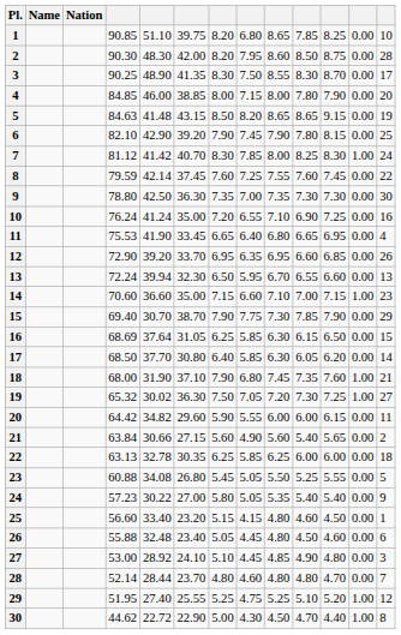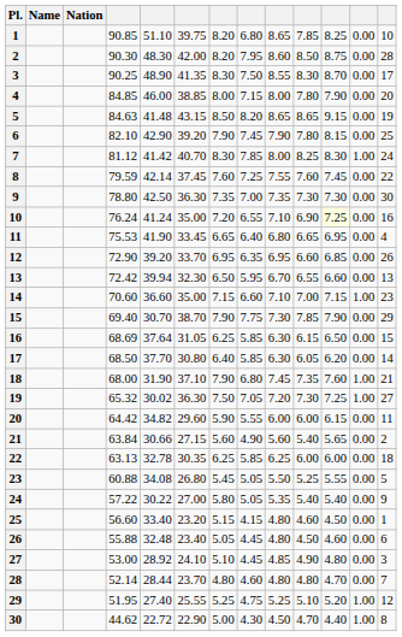 <table class="wikitable sortable">
 <tr>
 <th>Pl.</th>
 <th>Name</th>
 <th>Nation</th>
 <th></th>
 <th></th>
 <th></th>
 <th></th>
 <th></th>
 <th></th>
 <th></th>
 <th></th>
 <th></th>
 <th></th>
 </tr>
 <tr>
 <th>1</th>
 <td></td>
 <td></td>
 <td>90.85</td>
 <td>51.10</td>
 <td>39.75</td>
 <td>8.20</td>
 <td>6.80</td>
 <td>8.65</td>
 <td>7.85</td>
 <td>8.25</td>
 <td>0.00</td>
 <td>10</td>
 </tr>
 <tr>
 <th>2</th>
 <td></td>
 <td></td>
 <td>90.30</td>
 <td>48.30</td>
 <td>42.00</td>
 <td>8.20</td>
 <td>7.95</td>
 <td>8.60</td>
 <td>8.50</td>
 <td>8.75</td>
 <td>0.00</td>
 <td>28</td>
 </tr>
 <tr>
 <th>3</th>
 <td></td>
 <td></td>
 <td>90.25</td>
 <td>48.90</td>
 <td>41.35</td>
 <td>8.30</td>
 <td>7.50</td>
 <td>8.55</td>
 <td>8.30</td>
 <td>8.70</td>
 <td>0.00</td>
 <td>17</td>
 </tr>
 <tr>
 <th>4</th>
 <td></td>
 <td></td>
 <td>84.85</td>
 <td>46.00</td>
 <td>38.85</td>
 <td>8.00</td>
 <td>7.15</td>
 <td>8.00</td>
 <td>7.80</td>
 <td>7.90</td>
 <td>0.00</td>
 <td>20</td>
 </tr>
 <tr>
 <th>5</th>
 <td></td>
 <td></td>
 <td>84.63</td>
 <td>41.48</td>
 <td>43.15</td>
 <td>8.50</td>
 <td>8.20</td>
 <td>8.65</td>
 <td>8.65</td>
 <td>9.15</td>
 <td>0.00</td>
 <td>19</td>
 </tr>
 <tr>
 <th>6</th>
 <td></td>
 <td></td>
 <td>82.10</td>
 <td>42.90</td>
 <td>39.20</td>
 <td>7.90</td>
 <td>7.45</td>
 <td>7.90</td>
 <td>7.80</td>
 <td>8.15</td>
 <td>0.00</td>
 <td>25</td>
 </tr>
 <tr>
 <th>7</th>
 <td></td>
 <td></td>
 <td>81.12</td>
 <td>41.42</td>
 <td>40.70</td>
 <td>8.30</td>
 <td>7.85</td>
 <td>8.00</td>
 <td>8.25</td>
 <td>8.30</td>
 <td>1.00</td>
 <td>24</td>
 </tr>
 <tr>
 <th>8</th>
 <td></td>
 <td></td>
 <td>79.59</td>
 <td>42.14</td>
 <td>37.45</td>
 <td>7.60</td>
 <td>7.25</td>
 <td>7.55</td>
 <td>7.60</td>
 <td>7.45</td>
 <td>0.00</td>
 <td>22</td>
 </tr>
 <tr>
 <th>9</th>
 <td></td>
 <td></td>
 <td>78.80</td>
 <td>42.50</td>
 <td>36.30</td>
 <td>7.35</td>
 <td>7.00</td>
 <td>7.35</td>
 <td>7.30</td>
 <td>7.30</td>
 <td>0.00</td>
 <td>30</td>
 </tr>
 <tr>
 <th>10</th>
 <td></td>
 <td></td>
 <td>76.24</td>
 <td>41.24</td>
 <td>35.00</td>
 <td>7.20</td>
 <td>6.55</td>
 <td>7.10</td>
 <td>6.90</td>
-<td>7.25</td>
+<td style="background: lightyellow;">7.25</td>
 <td>0.00</td>
 <td>16</td>
 </tr>
 <tr>
 <th>11</th>
 <td></td>
 <td></td>
 <td>75.53</td>
 <td>41.90</td>
 <td>33.45</td>
 <td>6.65</td>
 <td>6.40</td>
 <td>6.80</td>
 <td>6.65</td>
 <td>6.95</td>
 <td>0.00</td>
 <td>4</td>
 </tr>
 <tr>
 <th>12</th>
 <td></td>
 <td></td>
 <td>72.90</td>
 <td>39.20</td>
 <td>33.70</td>
 <td>6.95</td>
 <td>6.35</td>
 <td>6.95</td>
 <td>6.60</td>
 <td>6.85</td>
 <td>0.00</td>
 <td>26</td>
 </tr>
 <tr>
 <th>13</th>
 <td></td>
 <td></td>
-<td>72.24</td>
+<td>72.42</td>
 <td>39.94</td>
 <td>32.30</td>
 <td>6.50</td>
 <td>5.95</td>
 <td>6.70</td>
 <td>6.55</td>
 <td>6.60</td>
 <td>0.00</td>
 <td>13</td>
 </tr>
 <tr>
 <th>14</th>
 <td></td>
 <td></td>
 <td>70.60</td>
 <td>36.60</td>
 <td>35.00</td>
 <td>7.15</td>
 <td>6.60</td>
 <td>7.10</td>
 <td>7.00</td>
 <td>7.15</td>
 <td>1.00</td>
 <td>23</td>
 </tr>
 <tr>
 <th>15</th>
 <td></td>
 <td></td>
 <td>69.40</td>
 <td>30.70</td>
 <td>38.70</td>
 <td>7.90</td>
 <td>7.75</td>
 <td>7.30</td>
 <td>7.85</td>
 <td>7.90</td>
 <td>0.00</td>
 <td>29</td>
 </tr>
 <tr>
 <th>16</th>
 <td></td>
 <td></td>
 <td>68.69</td>
 <td>37.64</td>
 <td>31.05</td>
 <td>6.25</td>
 <td>5.85</td>
 <td>6.30</td>
 <td>6.15</td>
 <td>6.50</td>
 <td>0.00</td>
 <td>15</td>
 </tr>
 <tr>
 <th>17</th>
 <td></td>
 <td></td>
 <td>68.50</td>
 <td>37.70</td>
 <td>30.80</td>
 <td>6.40</td>
 <td>5.85</td>
 <td>6.30</td>
 <td>6.05</td>
 <td>6.20</td>
 <td>0.00</td>
 <td>14</td>
 </tr>
 <tr>
 <th>18</th>
 <td></td>
 <td></td>
 <td>68.00</td>
 <td>31.90</td>
 <td>37.10</td>
 <td>7.90</td>
 <td>6.80</td>
 <td>7.45</td>
 <td>7.35</td>
 <td>7.60</td>
 <td>1.00</td>
 <td>21</td>
 </tr>
 <tr>
 <th>19</th>
 <td></td>
 <td></td>
 <td>65.32</td>
 <td>30.02</td>
 <td>36.30</td>
 <td>7.50</td>
 <td>7.05</td>
 <td>7.20</td>
 <td>7.30</td>
 <td>7.25</td>
 <td>1.00</td>
 <td>27</td>
 </tr>
 <tr>
 <th>20</th>
 <td></td>
 <td></td>
 <td>64.42</td>
 <td>34.82</td>
 <td>29.60</td>
 <td>5.90</td>
 <td>5.55</td>
 <td>6.00</td>
 <td>6.00</td>
 <td>6.15</td>
 <td>0.00</td>
 <td>11</td>
 </tr>
 <tr>
 <th>21</th>
 <td></td>
 <td></td>
 <td>63.84</td>
 <td>30.66</td>
 <td>27.15</td>
 <td>5.60</td>
 <td>4.90</td>
 <td>5.60</td>
 <td>5.40</td>
 <td>5.65</td>
 <td>0.00</td>
 <td>2</td>
 </tr>
 <tr>
 <th>22</th>
 <td></td>
 <td></td>
 <td>63.13</td>
 <td>32.78</td>
 <td>30.35</td>
 <td>6.25</td>
 <td>5.85</td>
 <td>6.25</td>
 <td>6.00</td>
 <td>6.00</td>
 <td>0.00</td>
 <td>18</td>
 </tr>
 <tr>
 <th>23</th>
 <td></td>
 <td></td>
 <td>60.88</td>
 <td>34.08</td>
 <td>26.80</td>
 <td>5.45</td>
 <td>5.05</td>
 <td>5.50</td>
 <td>5.25</td>
 <td>5.55</td>
 <td>0.00</td>
 <td>5</td>
 </tr>
 <tr>
 <th>24</th>
 <td></td>
 <td></td>
-<td>57.23</td>
+<td>57.22</td>
 <td>30.22</td>
 <td>27.00</td>
 <td>5.80</td>
 <td>5.05</td>
 <td>5.35</td>
 <td>5.40</td>
 <td>5.40</td>
 <td>0.00</td>
 <td>9</td>
 </tr>
 <tr>
 <th>25</th>
 <td></td>
 <td></td>
 <td>56.60</td>
 <td>33.40</td>
 <td>23.20</td>
 <td>5.15</td>
 <td>4.15</td>
 <td>4.80</td>
 <td>4.60</td>
 <td>4.50</td>
 <td>0.00</td>
 <td>1</td>
 </tr>
 <tr>
 <th>26</th>
 <td></td>
 <td></td>
 <td>55.88</td>
 <td>32.48</td>
 <td>23.40</td>
 <td>5.05</td>
 <td>4.45</td>
 <td>4.80</td>
 <td>4.50</td>
 <td>4.60</td>
 <td>0.00</td>
 <td>6</td>
 </tr>
 <tr>
 <th>27</th>
 <td></td>
 <td></td>
 <td>53.00</td>
 <td>28.92</td>
 <td>24.10</td>
 <td>5.10</td>
 <td>4.45</td>
 <td>4.85</td>
 <td>4.90</td>
 <td>4.80</td>
 <td>0.00</td>
 <td>3</td>
 </tr>
 <tr>
 <th>28</th>
 <td></td>
 <td></td>
 <td>52.14</td>
 <td>28.44</td>
 <td>23.70</td>
 <td>4.80</td>
 <td>4.60</td>
 <td>4.80</td>
 <td>4.80</td>
 <td>4.70</td>
 <td>0.00</td>
 <td>7</td>
 </tr>
 <tr>
 <th>29</th>
 <td></td>
 <td></td>
 <td>51.95</td>
 <td>27.40</td>
 <td>25.55</td>
 <td>5.25</td>
 <td>4.75</td>
 <td>5.25</td>
 <td>5.10</td>
 <td>5.20</td>
 <td>1.00</td>
 <td>12</td>
 </tr>
 <tr>
 <th>30</th>
 <td></td>
 <td></td>
 <td>44.62</td>
 <td>22.72</td>
 <td>22.90</td>
 <td>5.00</td>
 <td>4.30</td>
 <td>4.50</td>
 <td>4.70</td>
 <td>4.40</td>
 <td>1.00</td>
 <td>8</td>
 </tr>
 </table>
